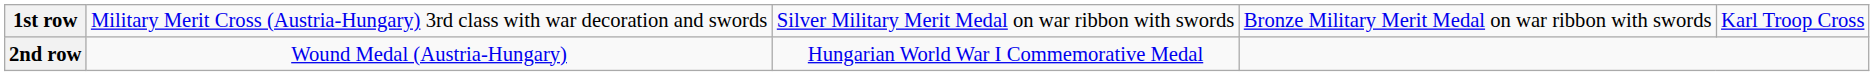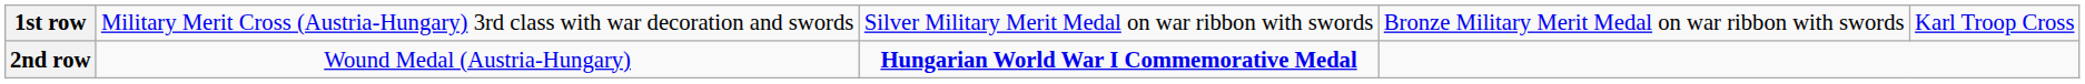 <table class="wikitable" style="margin:1em auto; text-align:center;">
 <tr>
 <th>1st row</th>
 <td><a href='#'>Military Merit Cross (Austria-Hungary)</a> 3rd class with war decoration and swords</td>
 <td><a href='#'>Silver Military Merit Medal</a> on war ribbon with swords</td>
 <td><a href='#'>Bronze Military Merit Medal</a> on war ribbon with swords</td>
 <td><a href='#'>Karl Troop Cross</a></td>
 </tr>
 <tr>
 <th>2nd row</th>
 <td><a href='#'>Wound Medal (Austria-Hungary)</a></td>
-<td><a href='#'>Hungarian World War I Commemorative Medal</a></td>
+<td><strong><a href='#'>Hungarian World War I Commemorative Medal</a></strong></td>
 </tr>
 </table>
